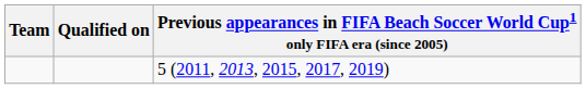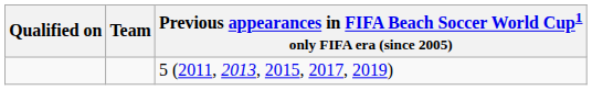 <table class="wikitable sortable">
 <tr>
+<th>Qualified on</th>
 <th>Team</th>
-<th>Qualified on</th>
 <th data-sort-type="number">Previous <a href='#'>appearances</a> in <a href='#'>FIFA Beach Soccer World Cup</a><sup><strong><a href='#'>1</a></strong></sup><br><small>only FIFA era (since 2005)</small></th>
 </tr>
 <tr>
 <td></td>
 <td></td>
 <td>5 (<a href='#'>2011</a>, <em><a href='#'>2013</a></em>, <a href='#'>2015</a>, <a href='#'>2017</a>, <a href='#'>2019</a>)</td>
 </tr>
 </table>
